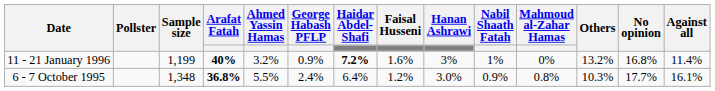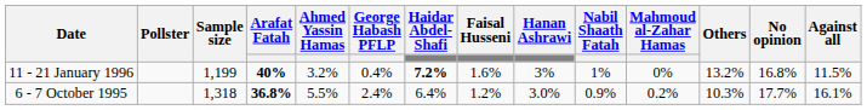 <table class=wikitable style="text-align:center;font-size:85%;line-height:13px">
 <tr>
 <th rowspan="2">Date</th>
 <th rowspan="2">Pollster</th>
 <th rowspan="2">Sample<br>size</th>
 <th style="width:35px;"><a href='#'>Arafat</a><br><a href='#'>Fatah</a></th>
 <th style="width:35px;"><a href='#'>Ahmed Yassin</a><br><a href='#'>Hamas</a></th>
 <th style="width:35px;"><a href='#'>George Habash</a><br><a href='#'>PFLP</a></th>
 <th style="width:35px;"><a href='#'>Haidar Abdel-Shafi</a></th>
 <th style="width:35px;">Faisal Husseni</th>
 <th style="width:35px;"><a href='#'>Hanan Ashrawi</a></th>
 <th style="width:35px;"><a href='#'>Nabil Shaath</a><br><a href='#'>Fatah</a></th>
 <th style="width:35px;"><a href='#'>Mahmoud al-Zahar</a><br><a href='#'>Hamas</a></th>
 <th style="width:35px;" rowspan="2">Others</th>
 <th style="width:35px;" rowspan="2">No opinion</th>
 <th style="width:35px;" rowspan="2">Against all</th>
 </tr>
 <tr>
 <th style="background:"></th>
 <th style="background:"></th>
 <th style="background:"></th>
 <th style="background:grey;"></th>
 <th style="background:grey;"></th>
 <th style="background:grey;"></th>
 <th style="background:"></th>
 <th style="background:"></th>
 </tr>
 <tr>
 <td>11 - 21 January 1996</td>
 <td></td>
 <td>1,199</td>
 <td style="background:"><strong>40%</strong></td>
 <td>3.2%</td>
-<td>0.9%</td>
+<td>0.4%</td>
 <td><strong>7.2%</strong></td>
 <td>1.6%</td>
 <td>3%</td>
 <td>1%</td>
 <td>0%</td>
 <td>13.2%</td>
 <td>16.8%</td>
-<td>11.4%</td>
+<td>11.5%</td>
 </tr>
 <tr>
 <td>6 - 7 October 1995</td>
 <td></td>
-<td>1,348</td>
+<td>1,318</td>
 <td style="background:"><strong>36.8%</strong></td>
 <td>5.5%</td>
 <td>2.4%</td>
 <td>6.4%</td>
 <td>1.2%</td>
 <td>3.0%</td>
 <td>0.9%</td>
-<td>0.8%</td>
+<td>0.2%</td>
 <td>10.3%</td>
 <td>17.7%</td>
 <td>16.1%</td>
 </tr>
 </table>
